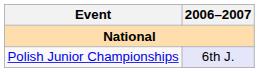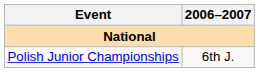 <table class="wikitable" style="text-align:center">
 <tr>
 <th>Event</th>
 <th>2006–2007</th>
 </tr>
 <tr>
 <th colspan="2" style="background-color: #ffdead; " align="center"><strong>National</strong></th>
 </tr>
 <tr>
 <td align="left"><a href='#'>Polish Junior Championships</a></td>
-<td style="background: lavender;">6th J.</td>
+<td>6th J.</td>
 </tr>
 </table>
